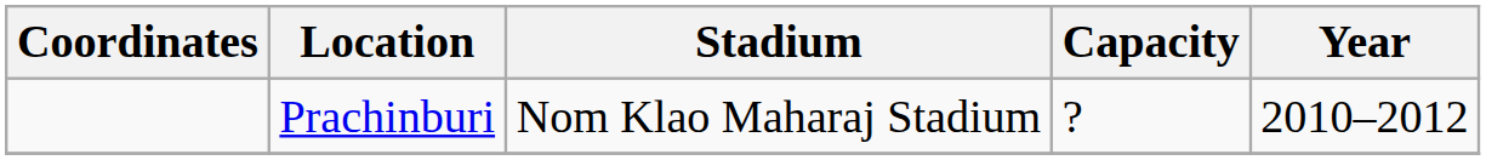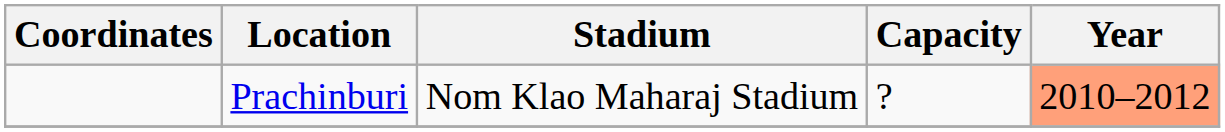 <table class="wikitable sortable">
 <tr>
 <th>Coordinates</th>
 <th>Location</th>
 <th>Stadium</th>
 <th>Capacity</th>
 <th>Year</th>
 </tr>
 <tr>
 <td></td>
 <td><a href='#'>Prachinburi</a></td>
 <td>Nom Klao Maharaj Stadium</td>
 <td>?</td>
-<td>2010–2012</td>
+<td style="background: lightsalmon;">2010–2012</td>
 </tr>
 <tr>
 </tr>
 </table>
